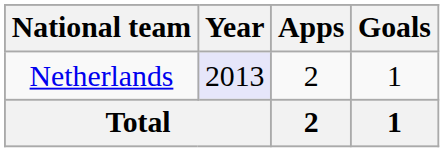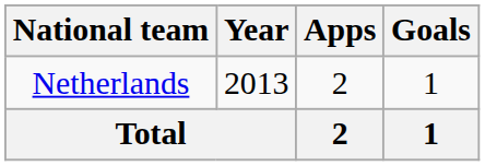 <table class="wikitable" style="text-align:center">
 <tr>
 <th>National team</th>
 <th>Year</th>
 <th>Apps</th>
 <th>Goals</th>
 </tr>
 <tr>
 <td rowspan="1"><a href='#'>Netherlands</a></td>
-<td style="background: lavender;">2013</td>
+<td>2013</td>
 <td>2</td>
 <td>1</td>
 </tr>
 <tr>
 <th colspan="2">Total</th>
 <th>2</th>
 <th>1</th>
 </tr>
 </table>
